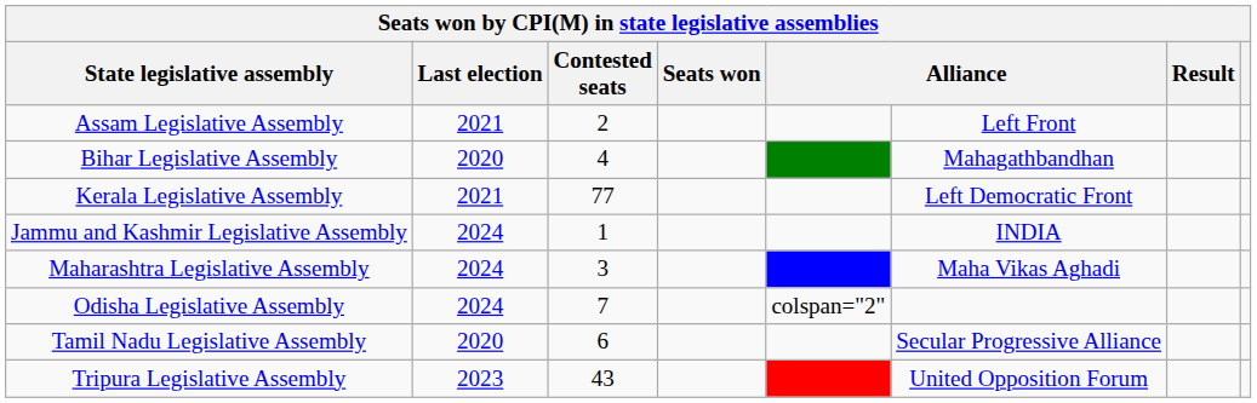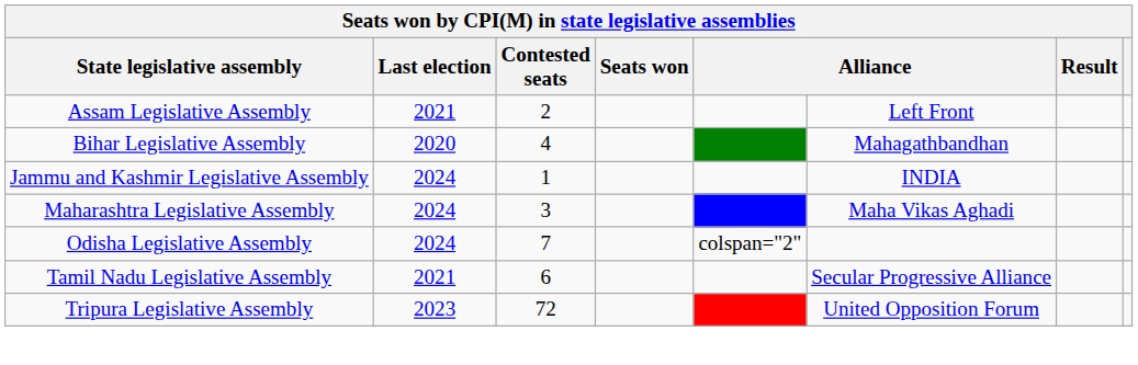 <table class="wikitable"style="text-align:center;">
 <tr>
 <th colspan="8" Style="background-color:">Seats won by CPI(M) in <a href='#'>state legislative assemblies</a></th>
 </tr>
 <tr>
 <th>State legislative assembly</th>
 <th>Last election</th>
 <th>Contested<br>seats</th>
 <th>Seats won</th>
 <th colspan="2">Alliance</th>
 <th>Result</th>
 <th></th>
 </tr>
 <tr>
 <td><a href='#'>Assam Legislative Assembly</a></td>
 <td><a href='#'>2021</a></td>
 <td>2</td>
 <td></td>
 <td style="background:"></td>
 <td><a href='#'>Left Front</a></td>
 <td></td>
 <td></td>
 </tr>
 <tr>
 <td><a href='#'>Bihar Legislative Assembly</a></td>
 <td><a href='#'>2020</a></td>
 <td>4</td>
 <td></td>
 <td style="background:green;"></td>
 <td><a href='#'>Mahagathbandhan</a></td>
 <td></td>
 <td></td>
 </tr>
 <tr>
-<td><a href='#'>Kerala Legislative Assembly</a></td>
-<td><a href='#'>2021</a></td>
-<td>77</td>
-<td></td>
-<td style="background-color: "></td>
-<td><a href='#'>Left Democratic Front</a></td>
-<td></td>
-<td></td>
-</tr>
-<tr>
 <td><a href='#'>Jammu and Kashmir Legislative Assembly</a></td>
 <td><a href='#'>2024</a></td>
 <td>1</td>
 <td></td>
 <td style="background-color: "></td>
 <td><a href='#'>INDIA</a></td>
 <td></td>
 <td></td>
 </tr>
 <tr>
 <td><a href='#'>Maharashtra Legislative Assembly</a></td>
 <td><a href='#'>2024</a></td>
 <td>3</td>
 <td></td>
 <td style="background:blue;"></td>
 <td><a href='#'>Maha Vikas Aghadi</a></td>
 <td></td>
 <td></td>
 </tr>
 <tr>
 <td><a href='#'>Odisha Legislative Assembly</a></td>
 <td><a href='#'>2024</a></td>
 <td>7</td>
 <td></td>
 <td>colspan="2" </td>
 <td></td>
 <td></td>
 </tr>
 <tr>
 <td><a href='#'>Tamil Nadu Legislative Assembly</a></td>
-<td><a href='#'>2020</a></td>
+<td><a href='#'>2021</a></td>
 <td>6</td>
 <td></td>
 <td style="background:"></td>
 <td><a href='#'>Secular Progressive Alliance</a></td>
 <td></td>
 <td></td>
 </tr>
 <tr>
 <td><a href='#'>Tripura Legislative Assembly</a></td>
 <td><a href='#'>2023</a></td>
-<td>43</td>
+<td>72</td>
 <td></td>
 <td style="background:#f00;"></td>
 <td><a href='#'>United Opposition Forum</a></td>
 <td></td>
 <td></td>
 </tr>
 </table>
